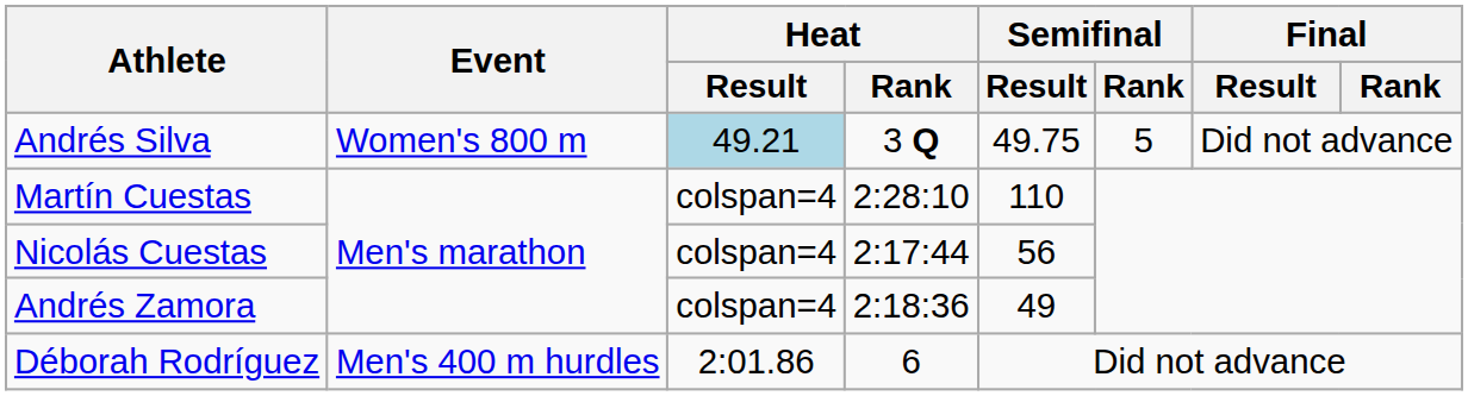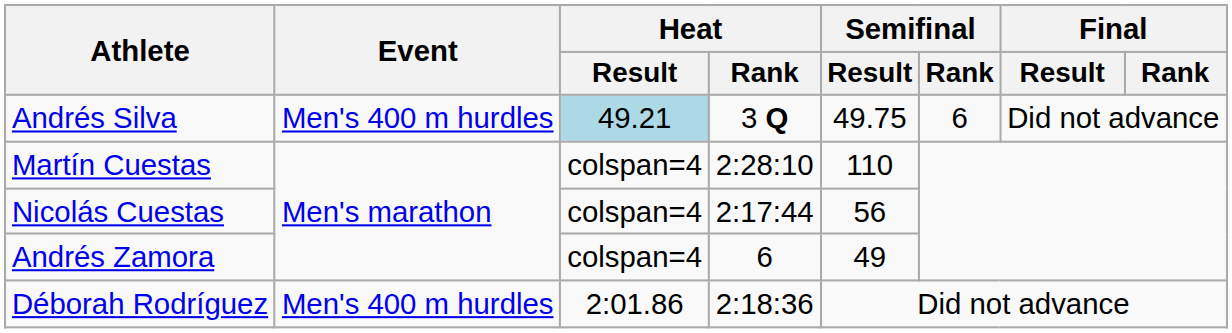 <table class="wikitable" style="font-size:90%">
 <tr>
 <th rowspan="2">Athlete</th>
 <th rowspan="2">Event</th>
 <th colspan="2">Heat</th>
 <th colspan="2">Semifinal</th>
 <th colspan="2">Final</th>
 </tr>
 <tr style="font-size:95%">
 <th>Result</th>
 <th>Rank</th>
 <th>Result</th>
 <th>Rank</th>
 <th>Result</th>
 <th>Rank</th>
 </tr>
 <tr align=center>
 <td align=left><a href='#'>Andrés Silva</a></td>
-<td align=left><a href='#'>Women's 800 m</a></td>
+<td align=left><a href='#'>Men's 400 m hurdles</a></td>
 <td style="background: lightblue;">49.21</td>
 <td>3 <strong>Q</strong></td>
 <td>49.75</td>
-<td>5</td>
+<td>6</td>
 <td colspan=2>Did not advance</td>
 </tr>
 <tr align=center>
 <td align=left><a href='#'>Martín Cuestas</a></td>
 <td align=left rowspan=3><a href='#'>Men's marathon</a></td>
 <td>colspan=4 </td>
 <td>2:28:10</td>
 <td>110</td>
 </tr>
 <tr align=center>
 <td align=left><a href='#'>Nicolás Cuestas</a></td>
 <td>colspan=4 </td>
 <td>2:17:44</td>
 <td>56</td>
 </tr>
 <tr align=center>
 <td align=left><a href='#'>Andrés Zamora</a></td>
 <td>colspan=4 </td>
-<td>2:18:36</td>
+<td>6</td>
 <td>49</td>
 </tr>
 <tr align=center>
 <td align=left><a href='#'>Déborah Rodríguez</a></td>
 <td align=left><a href='#'>Men's 400 m hurdles</a></td>
 <td>2:01.86</td>
-<td>6</td>
+<td>2:18:36</td>
 <td colspan=4>Did not advance</td>
 </tr>
 </table>
